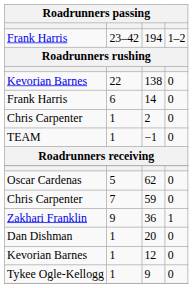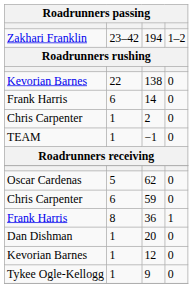 <table class="wikitable plainrowheaders">
 <tr>
 <th colspan="6">Roadrunners passing</th>
 </tr>
 <tr>
 <th scope="col"></th>
 <th scope="col"></th>
 <th scope="col"></th>
 <th scope="col"></th>
 </tr>
 <tr>
-<td><a href='#'>Frank Harris</a></td>
+<td><a href='#'>Zakhari Franklin</a></td>
 <td>23–42</td>
 <td>194</td>
 <td>1–2</td>
 </tr>
 <tr>
 <th colspan="6">Roadrunners rushing</th>
 </tr>
 <tr>
 <th scope="col"></th>
 <th scope="col"></th>
 <th scope="col"></th>
 <th scope="col"></th>
 </tr>
 <tr>
 <td><a href='#'>Kevorian Barnes</a></td>
 <td>22</td>
 <td>138</td>
 <td>0</td>
 </tr>
 <tr>
 <td>Frank Harris</td>
 <td>6</td>
 <td>14</td>
 <td>0</td>
 </tr>
 <tr>
 <td>Chris Carpenter</td>
 <td>1</td>
 <td>2</td>
 <td>0</td>
 </tr>
 <tr>
 <td>TEAM</td>
 <td>1</td>
 <td>−1</td>
 <td>0</td>
 </tr>
 <tr>
 <th colspan="6">Roadrunners receiving</th>
 </tr>
 <tr>
 </tr>
 <tr>
 <th scope="col"></th>
 <th scope="col"></th>
 <th scope="col"></th>
 <th scope="col"></th>
 </tr>
 <tr>
 <td>Oscar Cardenas</td>
 <td>5</td>
 <td>62</td>
 <td>0</td>
 </tr>
 <tr>
 <td>Chris Carpenter</td>
-<td>7</td>
+<td>6</td>
 <td>59</td>
 <td>0</td>
 </tr>
 <tr>
-<td><a href='#'>Zakhari Franklin</a></td>
-<td>9</td>
+<td><a href='#'>Frank Harris</a></td>
+<td>8</td>
 <td>36</td>
 <td>1</td>
 </tr>
 <tr>
 <td>Dan Dishman</td>
 <td>1</td>
 <td>20</td>
 <td>0</td>
 </tr>
 <tr>
 <td>Kevorian Barnes</td>
 <td>1</td>
 <td>12</td>
 <td>0</td>
 </tr>
 <tr>
 <td>Tykee Ogle-Kellogg</td>
 <td>1</td>
 <td>9</td>
 <td>0</td>
 </tr>
 <tr>
 </tr>
 </table>
